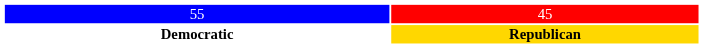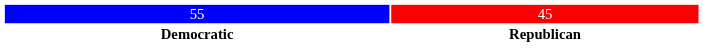 <table style="width:60%; text-align:center;">
 <tr style="color:white;">
 <td style="background:blue; width:55.0%;">55</td>
 <td style="background:red; width:44.0%;">45</td>
 </tr>
 <tr>
 <td><span><strong>Democratic</strong></span></td>
-<td style="background: gold;"><span><strong>Republican</strong></span></td>
+<td><span><strong>Republican</strong></span></td>
 </tr>
 </table>
